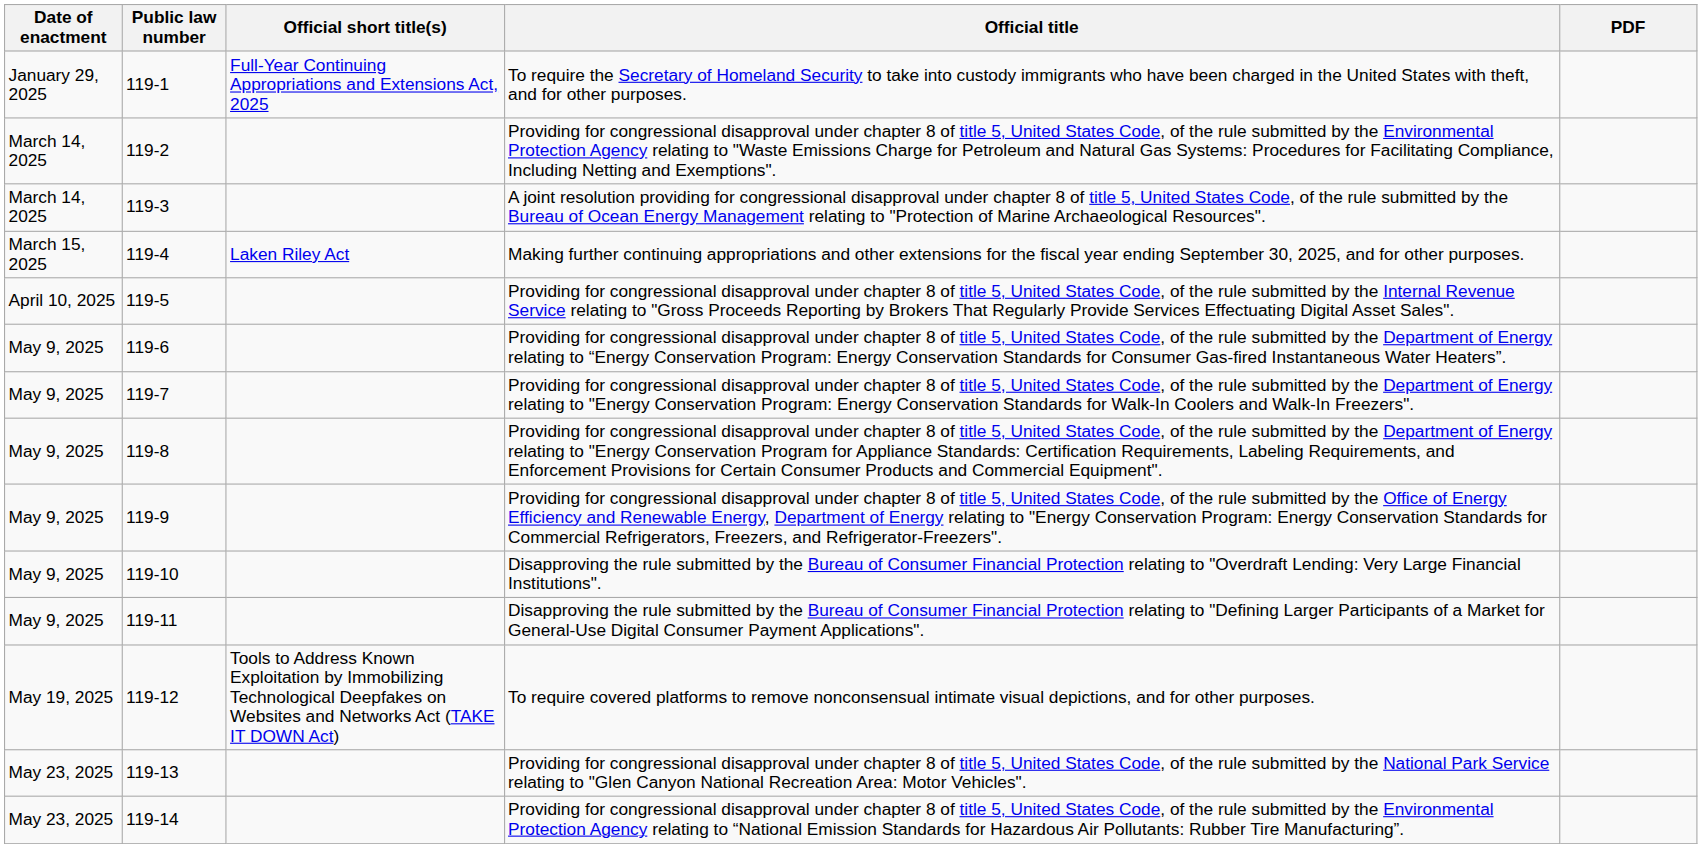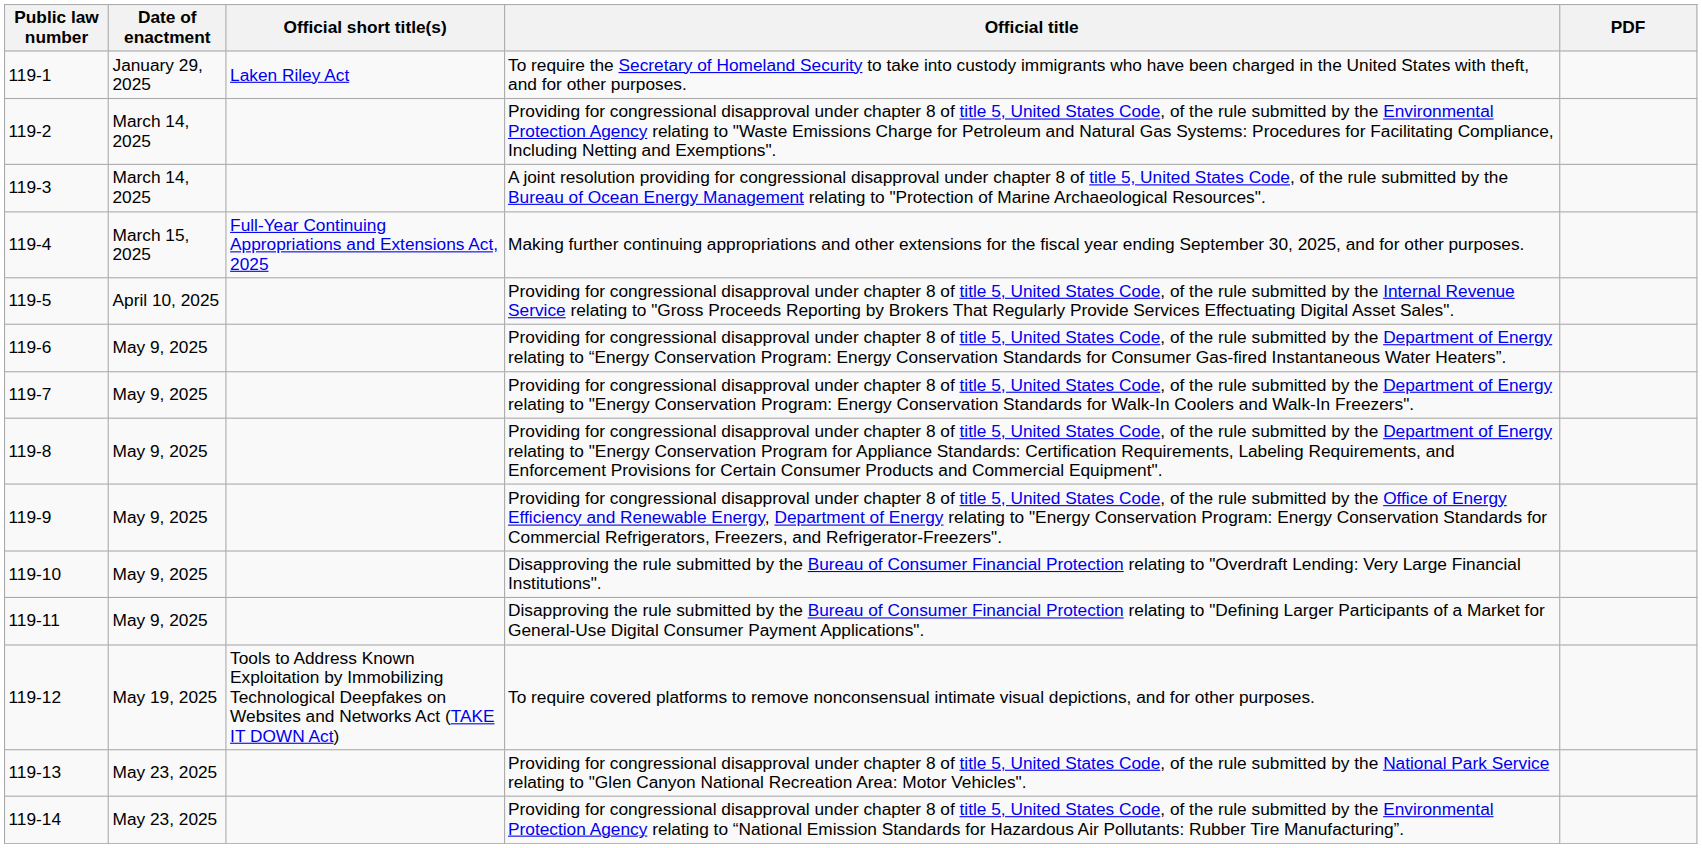 <table class="wikitable sortable">
 <tr>
+<th class="sortable">Public law number </th>
 <th>Date of enactment</th>
-<th class="sortable">Public law number </th>
 <th class="sortable" style="width:250px;">Official short title(s)</th>
 <th>Official title</th>
 <th class="unsortable" style="width:120px;">PDF </th>
 </tr>
 <tr>
+<td>119-1</td>
 <td>January 29, 2025</td>
-<td>119-1</td>
-<td><a href='#'>Full-Year Continuing Appropriations and Extensions Act, 2025</a></td>
+<td><a href='#'>Laken Riley Act</a></td>
 <td>To require the <a href='#'>Secretary of Homeland Security</a> to take into custody immigrants who have been charged in the United States with theft, and for other purposes.</td>
 <td></td>
 </tr>
 <tr>
+<td>119-2</td>
 <td>March 14, 2025</td>
-<td>119-2</td>
 <td></td>
 <td>Providing for congressional disapproval under chapter 8 of <a href='#'>title 5, United States Code</a>, of the rule submitted by the <a href='#'>Environmental Protection Agency</a> relating to "Waste Emissions Charge for Petroleum and Natural Gas Systems: Procedures for Facilitating Compliance, Including Netting and Exemptions".</td>
 <td></td>
 </tr>
 <tr>
+<td>119-3</td>
 <td>March 14, 2025</td>
-<td>119-3</td>
 <td></td>
 <td>A joint resolution providing for congressional disapproval under chapter 8 of <a href='#'>title 5, United States Code</a>, of the rule submitted by the <a href='#'>Bureau of Ocean Energy Management</a> relating to "Protection of Marine Archaeological Resources".</td>
 <td></td>
 </tr>
 <tr>
+<td>119-4</td>
 <td>March 15, 2025</td>
-<td>119-4</td>
-<td><a href='#'>Laken Riley Act</a></td>
+<td><a href='#'>Full-Year Continuing Appropriations and Extensions Act, 2025</a></td>
 <td>Making further continuing appropriations and other extensions for the fiscal year ending September 30, 2025, and for other purposes.</td>
 <td></td>
 </tr>
 <tr>
+<td>119-5</td>
 <td>April 10, 2025</td>
-<td>119-5</td>
 <td></td>
 <td>Providing for congressional disapproval under chapter 8 of <a href='#'>title 5, United States Code</a>, of the rule submitted by the <a href='#'>Internal Revenue Service</a> relating to "Gross Proceeds Reporting by Brokers That Regularly Provide Services Effectuating Digital Asset Sales".</td>
 <td></td>
 </tr>
 <tr>
+<td>119-6</td>
 <td>May 9, 2025</td>
-<td>119-6</td>
 <td></td>
 <td>Providing for congressional disapproval under chapter 8 of <a href='#'>title 5, United States Code</a>, of the rule submitted by the <a href='#'>Department of Energy</a> relating to “Energy Conservation Program: Energy Conservation Standards for Consumer Gas-fired Instantaneous Water Heaters”.</td>
 <td></td>
 </tr>
 <tr>
+<td>119-7</td>
 <td>May 9, 2025</td>
-<td>119-7</td>
 <td></td>
 <td>Providing for congressional disapproval under chapter 8 of <a href='#'>title 5, United States Code</a>, of the rule submitted by the <a href='#'>Department of Energy</a> relating to "Energy Conservation Program: Energy Conservation Standards for Walk-In Coolers and Walk-In Freezers".</td>
 <td></td>
 </tr>
 <tr>
+<td>119-8</td>
 <td>May 9, 2025</td>
-<td>119-8</td>
 <td></td>
 <td>Providing for congressional disapproval under chapter 8 of <a href='#'>title 5, United States Code</a>, of the rule submitted by the <a href='#'>Department of Energy</a> relating to "Energy Conservation Program for Appliance Standards: Certification Requirements, Labeling Requirements, and Enforcement Provisions for Certain Consumer Products and Commercial Equipment".</td>
 <td></td>
 </tr>
 <tr>
+<td>119-9</td>
 <td>May 9, 2025</td>
-<td>119-9</td>
 <td></td>
 <td>Providing for congressional disapproval under chapter 8 of <a href='#'>title 5, United States Code</a>, of the rule submitted by the <a href='#'>Office of Energy Efficiency and Renewable Energy</a>, <a href='#'>Department of Energy</a> relating to "Energy Conservation Program: Energy Conservation Standards for Commercial Refrigerators, Freezers, and Refrigerator-Freezers".</td>
 <td></td>
 </tr>
 <tr>
+<td>119-10</td>
 <td>May 9, 2025</td>
-<td>119-10</td>
 <td></td>
 <td>Disapproving the rule submitted by the <a href='#'>Bureau of Consumer Financial Protection</a> relating to "Overdraft Lending: Very Large Financial Institutions".</td>
 <td></td>
 </tr>
 <tr>
+<td>119-11</td>
 <td>May 9, 2025</td>
-<td>119-11</td>
 <td></td>
 <td>Disapproving the rule submitted by the <a href='#'>Bureau of Consumer Financial Protection</a> relating to "Defining Larger Participants of a Market for General-Use Digital Consumer Payment Applications".</td>
 <td></td>
 </tr>
 <tr>
+<td>119-12</td>
 <td>May 19, 2025</td>
-<td>119-12</td>
 <td>Tools to Address Known Exploitation by Immobilizing Technological Deepfakes on Websites and Networks Act (<a href='#'>TAKE IT DOWN Act</a>)</td>
 <td>To require covered platforms to remove nonconsensual intimate visual depictions, and for other purposes.</td>
 <td></td>
 </tr>
 <tr>
+<td>119-13</td>
 <td>May 23, 2025</td>
-<td>119-13</td>
 <td></td>
 <td>Providing for congressional disapproval under chapter 8 of <a href='#'>title 5, United States Code</a>, of the rule submitted by the <a href='#'>National Park Service</a> relating to "Glen Canyon National Recreation Area: Motor Vehicles".</td>
 <td></td>
 </tr>
 <tr>
+<td>119-14</td>
 <td>May 23, 2025</td>
-<td>119-14</td>
 <td></td>
 <td>Providing for congressional disapproval under chapter 8 of <a href='#'>title 5, United States Code</a>, of the rule submitted by the <a href='#'>Environmental Protection Agency</a> relating to “National Emission Standards for Hazardous Air Pollutants: Rubber Tire Manufacturing”.</td>
 <td></td>
 </tr>
 </table>
